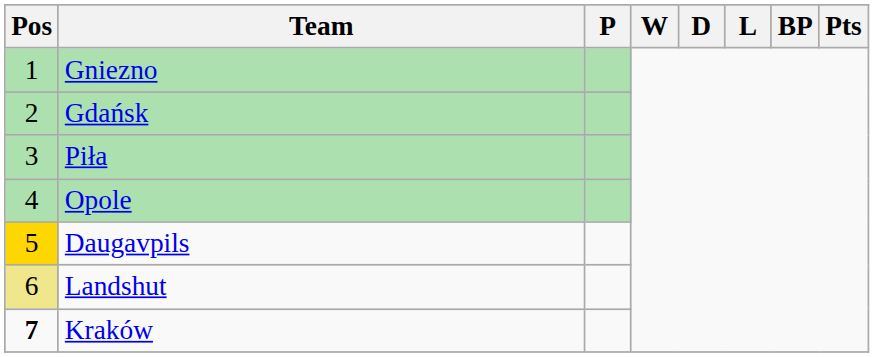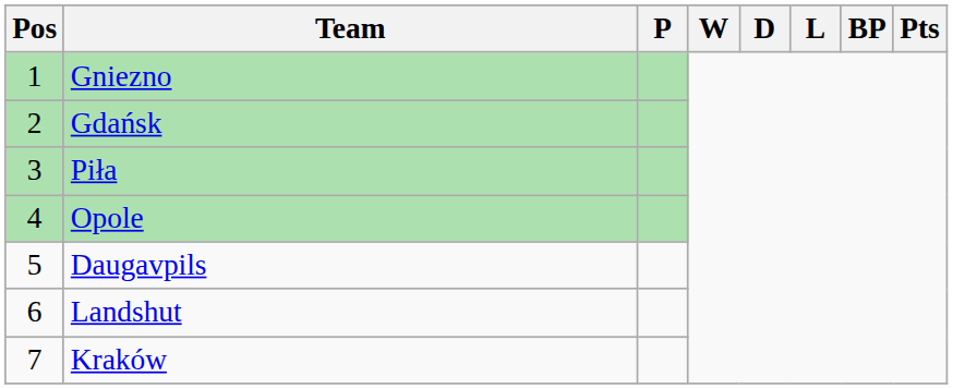 <table class="wikitable" style="font-size: 100%">
 <tr>
 <th width=20>Pos</th>
 <th width=300>Team</th>
 <th width=20>P</th>
 <th width=20>W</th>
 <th width=20>D</th>
 <th width=20>L</th>
 <th width=20>BP</th>
 <th width=20>Pts</th>
 </tr>
 <tr align=center style="background:#ACE1AF;">
 <td>1</td>
 <td align="left"><a href='#'>Gniezno</a></td>
 <td></td>
 </tr>
 <tr align=center style="background:#ACE1AF;">
 <td>2</td>
 <td align="left"><a href='#'>Gdańsk</a></td>
 <td></td>
 </tr>
 <tr align=center style="background:#ACE1AF;">
 <td>3</td>
 <td align="left"><a href='#'>Piła</a></td>
 <td></td>
 </tr>
 <tr align=center style="background:#ACE1AF;">
 <td>4</td>
 <td align="left"><a href='#'>Opole</a></td>
 <td></td>
 </tr>
 <tr align=center>
-<td style="background: gold;">5</td>
+<td>5</td>
 <td align="left"><a href='#'>Daugavpils</a> </td>
 <td></td>
 </tr>
 <tr align=center>
-<td style="background: khaki;">6</td>
+<td>6</td>
 <td align="left"><a href='#'>Landshut</a> </td>
 <td></td>
 </tr>
 <tr align=center>
-<td><strong>7</strong></td>
+<td>7</td>
 <td align="left"><a href='#'>Kraków</a></td>
 <td></td>
 </tr>
 </table>
